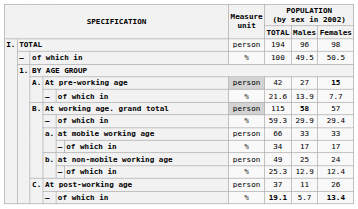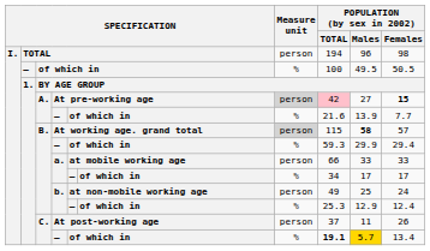 <table class="wikitable" style="font-size:85%; text-align:center">
 <tr>
 <th rowspan="2" colspan="6">SPECIFICATION</th>
 <th rowspan="2">Measure<br> unit</th>
 <th colspan="3" rowspan="1">POPULATION<br> (by sex in 2002)</th>
 </tr>
 <tr>
 <th>TOTAL</th>
 <th>Males</th>
 <th>Females</th>
 </tr>
 <tr>
 <th style="text-align:left" valign="top" rowspan="13">I.</th>
 <th style="text-align:left" colspan="5">TOTAL</th>
 <td>person</td>
 <td>194</td>
 <td>96</td>
 <td>98</td>
 </tr>
 <tr>
 <th style="text-align:left" valign="top">—</th>
 <th style="text-align:left" colspan="4">of which in</th>
 <td>%</td>
 <td>100</td>
 <td>49.5</td>
 <td>50.5</td>
 </tr>
 <tr>
 <th style="text-align:left" valign="top" rowspan="11">1.</th>
 <th style="text-align:left" colspan="19">BY AGE GROUP</th>
 </tr>
 <tr>
 <th style="text-align:left" valign="top" rowspan="2">A.</th>
 <th style="text-align:left" colspan="3">At pre-working age</th>
 <td style="background: lightgrey;">person</td>
-<td>42</td>
+<td style="background: pink;">42</td>
 <td>27</td>
 <td><strong>15</strong></td>
 </tr>
 <tr>
 <th style="text-align:left" valign="top">—</th>
 <th style="text-align:left" valign="top" colspan="2">of which in</th>
 <td>%</td>
 <td>21.6</td>
 <td>13.9</td>
 <td>7.7</td>
 </tr>
 <tr>
 <th style="text-align:left" valign="top" rowspan="6">B.</th>
 <th style="text-align:left" colspan="3">At working age. grand total</th>
 <td style="background: lightgrey;">person</td>
 <td>115</td>
 <td><strong>58</strong></td>
 <td>57</td>
 </tr>
 <tr>
 <th style="text-align:left" valign="top">—</th>
 <th style="text-align:left" valign="top" colspan="2">of which in</th>
 <td>%</td>
 <td>59.3</td>
 <td>29.9</td>
 <td>29.4</td>
 </tr>
 <tr>
 <th style="text-align:left" valign="top" rowspan="2">a.</th>
 <th style="text-align:left" colspan="2">at mobile working age</th>
 <td>person</td>
 <td>66</td>
 <td>33</td>
 <td>33</td>
 </tr>
 <tr>
 <th style="text-align:left" valign="top">—</th>
 <th style="text-align:left" valign="top" colspan="1">of which in                        </th>
 <td>%</td>
 <td>34</td>
 <td>17</td>
 <td>17</td>
 </tr>
 <tr>
 <th style="text-align:left" valign="top" rowspan="2">b.</th>
 <th style="text-align:left" colspan="2">at non-mobile working age</th>
 <td>person</td>
 <td>49</td>
 <td>25</td>
 <td>24</td>
 </tr>
 <tr>
 <th style="text-align:left" valign="top">—</th>
 <th style="text-align:left" valign="top" colspan="1">of which in                        </th>
 <td>%</td>
 <td>25.3</td>
 <td>12.9</td>
 <td>12.4</td>
 </tr>
 <tr>
 <th style="text-align:left" valign="top" rowspan="2">C.</th>
 <th style="text-align:left" colspan="3">At post-working age</th>
 <td>person</td>
 <td>37</td>
 <td>11</td>
 <td>26</td>
 </tr>
 <tr>
 <th style="text-align:left" valign="top">—</th>
 <th style="text-align:left" valign="top" colspan="2">of which in</th>
 <td>%</td>
 <td><strong>19.1</strong></td>
-<td>5.7</td>
-<td><strong>13.4</strong></td>
+<td style="background: gold;">5.7</td>
+<td>13.4</td>
 </tr>
 </table>
